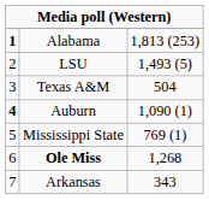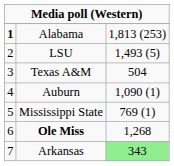 <table class="wikitable">
 <tr align="center">
 <td align="center" Colspan="3"><strong>Media poll (Western)</strong></td>
 </tr>
 <tr align="center">
 </tr>
 <tr align="center">
 <td><strong>1</strong></td>
 <td>Alabama</td>
 <td>1,813 (253)</td>
 </tr>
 <tr align="center">
 <td>2</td>
 <td>LSU</td>
 <td>1,493 (5)</td>
 </tr>
 <tr align="center">
 <td>3</td>
 <td>Texas A&M</td>
 <td>504</td>
 </tr>
 <tr align="center">
-<td><strong>4</strong></td>
+<td>4</td>
 <td>Auburn</td>
 <td>1,090 (1)</td>
 </tr>
 <tr align="center">
 <td>5</td>
 <td>Mississippi State</td>
 <td>769 (1)</td>
 </tr>
 <tr align="center">
 <td>6</td>
 <td><strong>Ole Miss</strong></td>
 <td>1,268</td>
 </tr>
 <tr align="center">
 <td>7</td>
 <td>Arkansas</td>
-<td>343</td>
+<td style="background: lightgreen;">343</td>
 </tr>
 </table>
